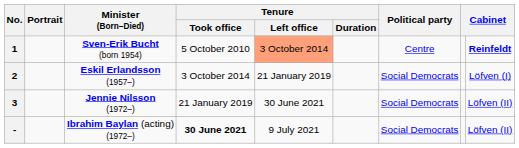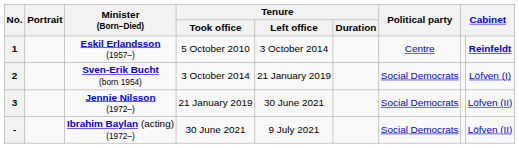 <table class="wikitable" style="text-align: center;">
 <tr>
 <th rowspan="2">No.</th>
 <th rowspan="2">Portrait</th>
 <th rowspan="2">Minister<br><small>(Born–Died)</small></th>
 <th colspan="3">Tenure</th>
 <th rowspan="2">Political party</th>
 <th rowspan="2" colspan="2"><a href='#'>Cabinet</a></th>
 </tr>
 <tr>
 <th>Took office</th>
 <th>Left office</th>
 <th>Duration</th>
 </tr>
 <tr>
 <th style="background: ">1</th>
 <td></td>
-<td rowspan="1"><strong><a href='#'>Sven-Erik Bucht</a></strong><br><small>(born 1954)</small></td>
+<td><strong><a href='#'>Eskil Erlandsson</a></strong><br><small>(1957–)</small></td>
 <td>5 October 2010</td>
-<td style="background: lightsalmon;">3 October 2014</td>
+<td>3 October 2014</td>
 <td></td>
 <td><a href='#'>Centre</a></td>
 <td style="background: "></td>
 <td><strong><a href='#'>Reinfeldt</a></strong></td>
 </tr>
 <tr>
 <th rowspan="1" style="background: ">2</th>
 <td rowspan="1"></td>
-<td><strong><a href='#'>Eskil Erlandsson</a></strong><br><small>(1957–)</small></td>
+<td rowspan="1"><strong><a href='#'>Sven-Erik Bucht</a></strong><br><small>(born 1954)</small></td>
 <td rowspan="1">3 October 2014</td>
 <td rowspan="1">21 January 2019</td>
 <td rowspan="1"></td>
 <td rowspan="1"><a href='#'>Social Democrats</a></td>
 <td rowspan="1" style="background: "></td>
 <td><a href='#'>Löfven (I)</a></td>
 </tr>
 <tr>
 <th rowspan="1" style="background: ">3</th>
 <td rowspan="1"></td>
 <td rowspan="1"><strong><a href='#'>Jennie Nilsson</a></strong><br><small>(1972–)</small></td>
 <td rowspan="1">21 January 2019</td>
 <td rowspan="1">30 June 2021</td>
 <td rowspan="1"></td>
 <td rowspan="1"><a href='#'>Social Democrats</a></td>
 <td rowspan="1" style="background: "></td>
 <td rowspan="1"><a href='#'>Löfven (II)</a></td>
 </tr>
 <tr>
 <th rowspan="1" style="background: ">-</th>
 <td rowspan="1"></td>
 <td rowspan="1"><strong><a href='#'>Ibrahim Baylan</a></strong> (acting)<br><small>(1972–)</small></td>
-<td rowspan="1"><strong>30 June 2021</strong></td>
+<td rowspan="1">30 June 2021</td>
 <td rowspan="1">9 July 2021</td>
 <td rowspan="1"></td>
 <td rowspan="1"><a href='#'>Social Democrats</a></td>
 <td rowspan="1" style="background: "></td>
 <td rowspan="1"><a href='#'>Löfven (II)</a></td>
 </tr>
 </table>
